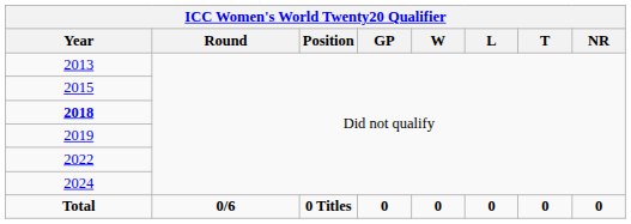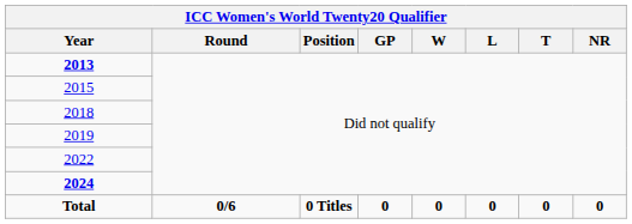 <table class="wikitable" style="text-align: center;">
 <tr>
 <th colspan=8><a href='#'>ICC Women's World Twenty20 Qualifier</a></th>
 </tr>
 <tr>
 <th width=150>Year</th>
 <th width=150>Round</th>
 <th width=>Position</th>
 <th width=50>GP</th>
 <th width=50>W</th>
 <th width=50>L</th>
 <th width=50>T</th>
 <th width=50>NR</th>
 </tr>
 <tr>
-<td> <a href='#'>2013</a></td>
+<td><strong> <a href='#'>2013</a></strong></td>
 <td colspan=7 rowspan=6>Did not qualify</td>
 </tr>
 <tr>
 <td> <a href='#'>2015</a></td>
 </tr>
 <tr>
-<td><strong> <a href='#'>2018</a></strong></td>
+<td> <a href='#'>2018</a></td>
 </tr>
 <tr>
 <td> <a href='#'>2019</a></td>
 </tr>
 <tr>
 <td> <a href='#'>2022</a></td>
 </tr>
 <tr>
-<td> <a href='#'>2024</a></td>
+<td><strong> <a href='#'>2024</a></strong></td>
 </tr>
 <tr>
 <td><strong>Total</strong></td>
 <td><strong>0/6</strong></td>
 <td><strong>0 Titles</strong></td>
 <td><strong>0</strong></td>
 <td><strong>0</strong></td>
 <td><strong>0</strong></td>
 <td><strong>0</strong></td>
 <td><strong>0</strong></td>
 </tr>
 </table>
